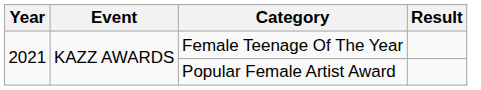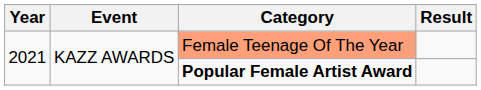 <table class="wikitable">
 <tr>
 <th>Year</th>
 <th>Event</th>
 <th>Category</th>
 <th>Result</th>
 </tr>
 <tr>
 <td rowspan="2">2021</td>
 <td rowspan="2">KAZZ AWARDS</td>
-<td>Female Teenage Of The Year</td>
+<td style="background: lightsalmon;">Female Teenage Of The Year</td>
 <td></td>
 </tr>
 <tr>
-<td>Popular Female Artist Award</td>
+<td><strong>Popular Female Artist Award</strong></td>
 <td></td>
 </tr>
 </table>
